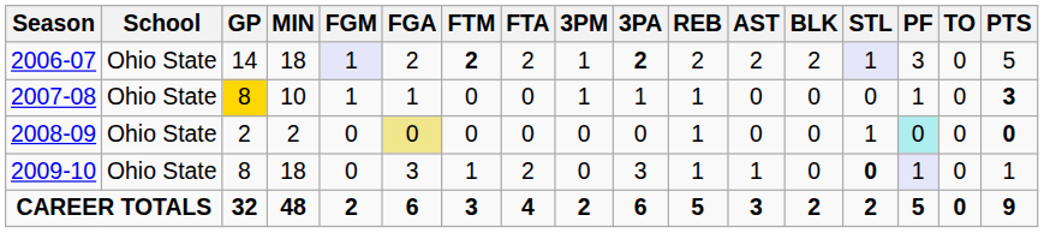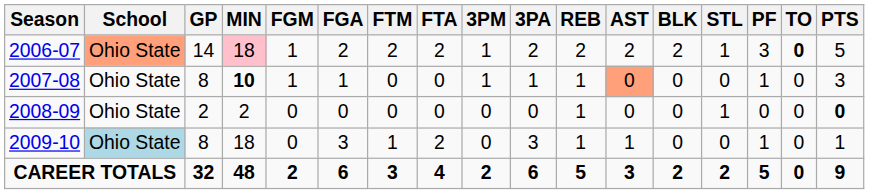 <table class="wikitable" style="text-align:center;">
 <tr>
 <th>Season</th>
 <th>School</th>
 <th>GP</th>
 <th>MIN</th>
 <th>FGM</th>
 <th>FGA</th>
 <th>FTM</th>
 <th>FTA</th>
 <th>3PM</th>
 <th>3PA</th>
 <th>REB</th>
 <th>AST</th>
 <th>BLK</th>
 <th>STL</th>
 <th>PF</th>
 <th>TO</th>
 <th>PTS</th>
 </tr>
 <tr>
 <td><a href='#'>2006-07</a></td>
-<td>Ohio State</td>
+<td style="background: lightsalmon;">Ohio State</td>
 <td>14</td>
-<td>18</td>
-<td style="background: lavender;">1</td>
-<td>2</td>
-<td><strong>2</strong></td>
-<td>2</td>
+<td style="background: pink;">18</td>
 <td>1</td>
-<td><strong>2</strong></td>
 <td>2</td>
 <td>2</td>
 <td>2</td>
-<td style="background: lavender;">1</td>
+<td>1</td>
+<td>2</td>
+<td>2</td>
+<td>2</td>
+<td>2</td>
+<td>1</td>
 <td>3</td>
-<td>0</td>
+<td><strong>0</strong></td>
 <td>5</td>
 </tr>
 <tr>
 <td><a href='#'>2007-08</a></td>
 <td>Ohio State</td>
-<td style="background: gold;">8</td>
-<td>10</td>
+<td>8</td>
+<td><strong>10</strong></td>
 <td>1</td>
 <td>1</td>
 <td>0</td>
 <td>0</td>
 <td>1</td>
 <td>1</td>
 <td>1</td>
-<td>0</td>
+<td style="background: lightsalmon;">0</td>
 <td>0</td>
 <td>0</td>
 <td>1</td>
 <td>0</td>
-<td><strong>3</strong></td>
+<td>3</td>
 </tr>
 <tr>
 <td><a href='#'>2008-09</a></td>
 <td>Ohio State</td>
 <td>2</td>
 <td>2</td>
 <td>0</td>
-<td style="background: khaki;">0</td>
+<td>0</td>
 <td>0</td>
 <td>0</td>
 <td>0</td>
 <td>0</td>
 <td>1</td>
 <td>0</td>
 <td>0</td>
 <td>1</td>
-<td style="background: paleturquoise;">0</td>
+<td>0</td>
 <td>0</td>
 <td><strong>0</strong></td>
 </tr>
 <tr>
 <td><a href='#'>2009-10</a></td>
-<td>Ohio State</td>
+<td style="background: lightblue;">Ohio State</td>
 <td>8</td>
 <td>18</td>
 <td>0</td>
 <td>3</td>
 <td>1</td>
 <td>2</td>
 <td>0</td>
 <td>3</td>
 <td>1</td>
 <td>1</td>
 <td>0</td>
-<td><strong>0</strong></td>
-<td style="background: lavender;">1</td>
+<td>0</td>
+<td>1</td>
 <td>0</td>
 <td>1</td>
 </tr>
 <tr>
 <td colspan=2><strong>CAREER TOTALS</strong></td>
 <td><strong>32</strong></td>
 <td><strong>48</strong></td>
 <td><strong>2</strong></td>
 <td><strong>6</strong></td>
 <td><strong>3</strong></td>
 <td><strong>4</strong></td>
 <td><strong>2</strong></td>
 <td><strong>6</strong></td>
 <td><strong>5</strong></td>
 <td><strong>3</strong></td>
 <td><strong>2</strong></td>
 <td><strong>2</strong></td>
 <td><strong>5</strong></td>
 <td><strong>0</strong></td>
 <td><strong>9</strong></td>
 </tr>
 </table>
